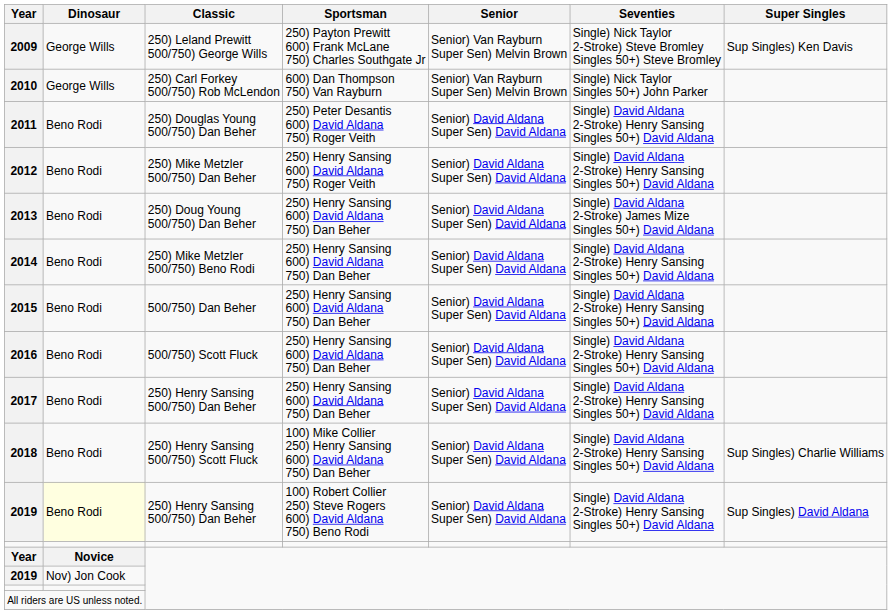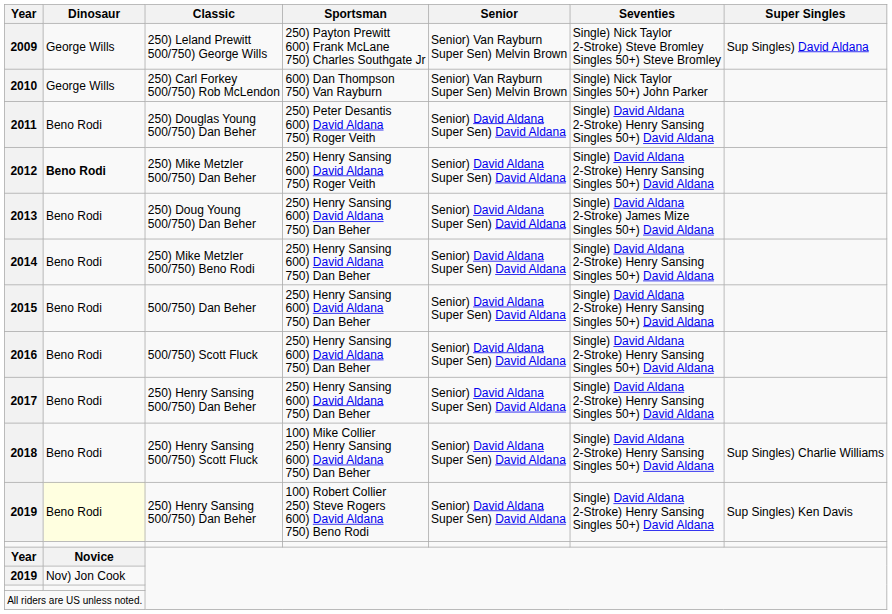 <table class="wikitable" style="font-size:95%;">
 <tr>
 <th>Year</th>
 <th>Dinosaur</th>
 <th>Classic</th>
 <th>Sportsman</th>
 <th>Senior</th>
 <th>Seventies</th>
 <th>Super Singles</th>
 </tr>
 <tr>
 <th>2009</th>
 <td>George Wills</td>
 <td>250) Leland Prewitt <br>500/750) George Wills</td>
 <td>250) Payton Prewitt <br>600) Frank McLane <br>750) Charles Southgate Jr</td>
 <td>Senior) Van Rayburn <br>Super Sen) Melvin Brown</td>
 <td>Single) Nick Taylor <br>2-Stroke) Steve Bromley <br>Singles 50+) Steve Bromley</td>
-<td>Sup Singles) Ken Davis</td>
+<td>Sup Singles) <a href='#'>David Aldana</a></td>
 </tr>
 <tr>
 <th>2010</th>
 <td>George Wills</td>
 <td>250) Carl Forkey <br>500/750) Rob McLendon</td>
 <td>600) Dan Thompson <br>750) Van Rayburn</td>
 <td>Senior) Van Rayburn <br>Super Sen) Melvin Brown</td>
 <td>Single) Nick Taylor <br>Singles 50+) John Parker</td>
 <td></td>
 </tr>
 <tr>
 <th>2011</th>
 <td>Beno Rodi</td>
 <td>250) Douglas Young <br>500/750) Dan Beher</td>
 <td>250) Peter Desantis <br>600) <a href='#'>David Aldana</a> <br>750) Roger Veith</td>
 <td>Senior) <a href='#'>David Aldana</a> <br>Super Sen) <a href='#'>David Aldana</a></td>
 <td>Single) <a href='#'>David Aldana</a> <br>2-Stroke) Henry Sansing <br>Singles 50+) <a href='#'>David Aldana</a></td>
 <td></td>
 </tr>
 <tr>
 <th>2012</th>
-<td>Beno Rodi</td>
+<td><strong>Beno Rodi</strong></td>
 <td>250) Mike Metzler <br>500/750) Dan Beher</td>
 <td>250) Henry Sansing <br>600) <a href='#'>David Aldana</a> <br>750) Roger Veith</td>
 <td>Senior) <a href='#'>David Aldana</a> <br>Super Sen) <a href='#'>David Aldana</a></td>
 <td>Single) <a href='#'>David Aldana</a> <br>2-Stroke) Henry Sansing <br>Singles 50+) <a href='#'>David Aldana</a></td>
 <td></td>
 </tr>
 <tr>
 <th>2013</th>
 <td>Beno Rodi</td>
 <td>250) Doug Young <br>500/750) Dan Beher</td>
 <td>250) Henry Sansing <br>600) <a href='#'>David Aldana</a> <br>750) Dan Beher</td>
 <td>Senior) <a href='#'>David Aldana</a> <br>Super Sen) <a href='#'>David Aldana</a></td>
 <td>Single) <a href='#'>David Aldana</a> <br>2-Stroke) James Mize <br>Singles 50+) <a href='#'>David Aldana</a></td>
 <td></td>
 </tr>
 <tr>
 <th>2014</th>
 <td>Beno Rodi</td>
 <td>250) Mike Metzler <br>500/750) Beno Rodi</td>
 <td>250) Henry Sansing <br>600) <a href='#'>David Aldana</a> <br>750) Dan Beher</td>
 <td>Senior) <a href='#'>David Aldana</a> <br>Super Sen) <a href='#'>David Aldana</a></td>
 <td>Single) <a href='#'>David Aldana</a> <br>2-Stroke) Henry Sansing <br>Singles 50+) <a href='#'>David Aldana</a></td>
 <td></td>
 </tr>
 <tr>
 <th>2015</th>
 <td>Beno Rodi</td>
 <td>500/750) Dan Beher</td>
 <td>250) Henry Sansing <br>600) <a href='#'>David Aldana</a> <br>750) Dan Beher</td>
 <td>Senior) <a href='#'>David Aldana</a> <br>Super Sen) <a href='#'>David Aldana</a></td>
 <td>Single) <a href='#'>David Aldana</a> <br>2-Stroke) Henry Sansing <br>Singles 50+) <a href='#'>David Aldana</a></td>
 <td></td>
 </tr>
 <tr>
 <th>2016</th>
 <td>Beno Rodi</td>
 <td>500/750) Scott Fluck</td>
 <td>250) Henry Sansing <br>600) <a href='#'>David Aldana</a> <br>750) Dan Beher</td>
 <td>Senior) <a href='#'>David Aldana</a> <br>Super Sen) <a href='#'>David Aldana</a></td>
 <td>Single) <a href='#'>David Aldana</a> <br>2-Stroke) Henry Sansing <br>Singles 50+) <a href='#'>David Aldana</a></td>
 <td></td>
 </tr>
 <tr>
 <th>2017</th>
 <td>Beno Rodi</td>
 <td>250) Henry Sansing <br>500/750) Dan Beher</td>
 <td>250) Henry Sansing <br>600) <a href='#'>David Aldana</a> <br>750) Dan Beher</td>
 <td>Senior) <a href='#'>David Aldana</a> <br>Super Sen) <a href='#'>David Aldana</a></td>
 <td>Single) <a href='#'>David Aldana</a> <br>2-Stroke) Henry Sansing <br>Singles 50+) <a href='#'>David Aldana</a></td>
 <td></td>
 </tr>
 <tr>
 <th>2018</th>
 <td>Beno Rodi</td>
 <td>250) Henry Sansing <br>500/750) Scott Fluck</td>
 <td>100) Mike Collier <br>250) Henry Sansing <br>600) <a href='#'>David Aldana</a> <br>750) Dan Beher</td>
 <td>Senior) <a href='#'>David Aldana</a> <br>Super Sen) <a href='#'>David Aldana</a></td>
 <td>Single) <a href='#'>David Aldana</a> <br>2-Stroke) Henry Sansing <br>Singles 50+) <a href='#'>David Aldana</a></td>
 <td>Sup Singles) Charlie Williams</td>
 </tr>
 <tr>
 <th>2019</th>
 <td style="background: lightyellow;">Beno Rodi</td>
 <td>250) Henry Sansing <br>500/750) Dan Beher</td>
 <td>100) Robert Collier <br>250) Steve Rogers <br>600) <a href='#'>David Aldana</a> <br>750) Beno Rodi</td>
 <td>Senior) <a href='#'>David Aldana</a> <br>Super Sen) <a href='#'>David Aldana</a></td>
 <td>Single) <a href='#'>David Aldana</a> <br>2-Stroke) Henry Sansing <br>Singles 50+) <a href='#'>David Aldana</a></td>
-<td>Sup Singles) <a href='#'>David Aldana</a></td>
+<td>Sup Singles) Ken Davis</td>
 </tr>
 <tr>
 <td></td>
 <td></td>
 <td></td>
 <td></td>
 <td></td>
 <td></td>
 <td></td>
 </tr>
 <tr>
 <th>Year</th>
 <th>Novice</th>
 </tr>
 <tr>
 <th>2019</th>
 <td>Nov) Jon Cook</td>
 </tr>
 <tr>
 <td></td>
 <td></td>
 </tr>
 <tr>
 <td colspan="2"><small>All riders are US unless noted.</small></td>
 </tr>
 </table>
